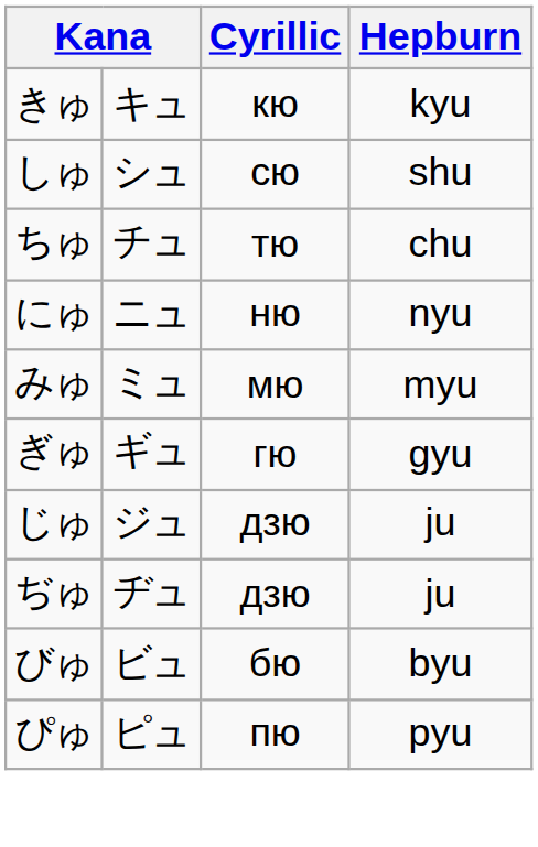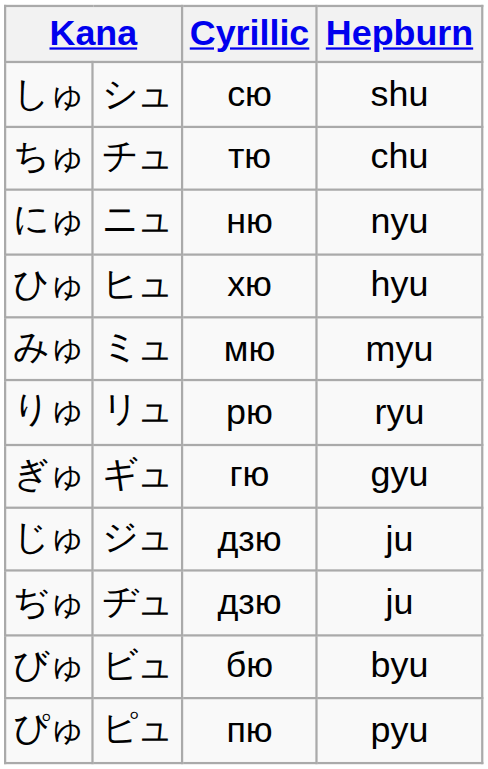 <table class="wikitable" style="text-align:center; display:inline-table;">
 <tr>
 <th colspan="2"><a href='#'>Kana</a></th>
 <th><a href='#'>Cyrillic</a></th>
 <th><a href='#'>Hepburn</a></th>
-</tr>
-<tr>
-<td>きゅ</td>
-<td>キュ</td>
-<td>кю</td>
-<td>kyu</td>
 </tr>
 <tr>
 <td>しゅ</td>
 <td>シュ</td>
 <td>сю</td>
 <td>shu</td>
 </tr>
 <tr>
 <td>ちゅ</td>
 <td>チュ</td>
 <td>тю</td>
 <td>chu</td>
 </tr>
 <tr>
 <td>にゅ</td>
 <td>ニュ</td>
 <td>ню</td>
 <td>nyu</td>
 </tr>
 <tr>
+<td>ひゅ</td>
+<td>ヒュ</td>
+<td>хю</td>
+<td>hyu</td>
+</tr>
+<tr>
 <td>みゅ</td>
 <td>ミュ</td>
 <td>мю</td>
 <td>myu</td>
+</tr>
+<tr>
+<td>りゅ</td>
+<td>リュ</td>
+<td>рю</td>
+<td>ryu</td>
 </tr>
 <tr>
 <td>ぎゅ</td>
 <td>ギュ</td>
 <td>гю</td>
 <td>gyu</td>
 </tr>
 <tr>
 <td>じゅ</td>
 <td>ジュ</td>
 <td>дзю</td>
 <td>ju</td>
 </tr>
 <tr>
 <td>ぢゅ</td>
 <td>ヂュ</td>
 <td>дзю</td>
 <td>ju</td>
 </tr>
 <tr>
 <td>びゅ</td>
 <td>ビュ</td>
 <td>бю</td>
 <td>byu</td>
 </tr>
 <tr>
 <td>ぴゅ</td>
 <td>ピュ</td>
 <td>пю</td>
 <td>pyu</td>
 </tr>
 </table>
